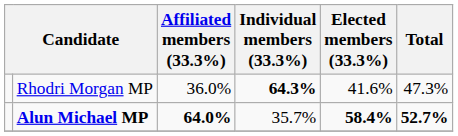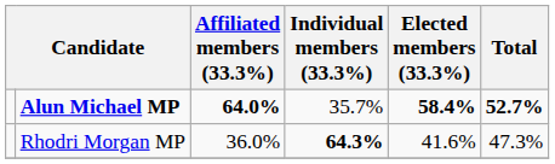 <table class="wikitable sortable" style="font-size: 95%;">
 <tr>
 <th colspan="2" scope="col">Candidate<br></th>
 <th scope="col"><a href='#'>Affiliated</a> <br> members<br> <strong>(33.3%)</strong></th>
 <th scope="col">Individual <br> members <br> <strong>(33.3%)</strong></th>
 <th scope="col">Elected <br>members<br> <strong>(33.3%)</strong></th>
 <th scope="col">Total</th>
 </tr>
 <tr align="right">
 <td style="background-color: "></td>
+<td scope="row" align="left"><strong><a href='#'>Alun Michael</a> MP</strong></td>
+<td><strong>64.0%</strong></td>
+<td>35.7%</td>
+<td><strong>58.4%</strong></td>
+<td><strong>52.7%</strong></td>
+</tr>
+<tr align="right">
+<td style="background-color: "></td>
 <td scope="row" align="left"><a href='#'>Rhodri Morgan</a> MP</td>
 <td>36.0%</td>
 <td><strong>64.3%</strong></td>
 <td>41.6%</td>
 <td>47.3%</td>
 </tr>
-<tr align="right">
-<td style="background-color: "></td>
-<td scope="row" align="left"><strong><a href='#'>Alun Michael</a> MP</strong></td>
-<td><strong>64.0%</strong></td>
-<td>35.7%</td>
-<td><strong>58.4%</strong></td>
-<td><strong>52.7%</strong></td>
-</tr>
 <tr>
 </tr>
 </table>
